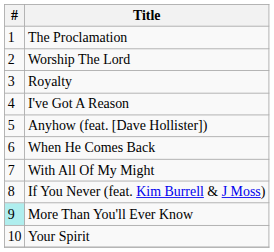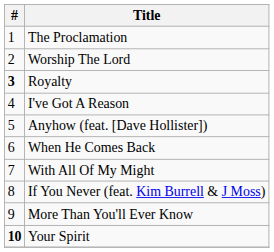 <table class="wikitable">
 <tr>
 <th align=left>#</th>
 <th align=left>Title</th>
 </tr>
 <tr>
 <td align=left>1</td>
 <td align=left>The Proclamation</td>
 </tr>
 <tr 5:29>
 <td align=left>2</td>
 <td align=left>Worship The Lord</td>
 </tr>
 <tr 4:50>
-<td align=left>3</td>
+<td align=left><strong>3</strong></td>
 <td align=left>Royalty</td>
 </tr>
 <tr 7:22>
 <td align=left>4</td>
 <td align=left>I've Got A Reason</td>
 </tr>
 <tr 6:37>
 <td align=left>5</td>
 <td align=left>Anyhow (feat. [Dave Hollister])</td>
 </tr>
 <tr 6:20>
 <td align=left>6</td>
 <td align=left>When He Comes Back</td>
 </tr>
 <tr 5:49>
 <td align=left>7</td>
 <td align=left>With All Of My Might</td>
 </tr>
 <tr 4:45>
 <td align=left>8</td>
 <td align=left>If You Never (feat. <a href='#'>Kim Burrell</a> & <a href='#'>J Moss</a>)</td>
 </tr>
 <tr 7:48>
-<td align=left style="background: paleturquoise;">9</td>
+<td align=left>9</td>
 <td align=left>More Than You'll Ever Know</td>
 </tr>
 <tr 5:52>
-<td align=left>10</td>
+<td align=left><strong>10</strong></td>
 <td align=left>Your Spirit</td>
 </tr>
 <tr 6:11>
 </tr>
 </table>
